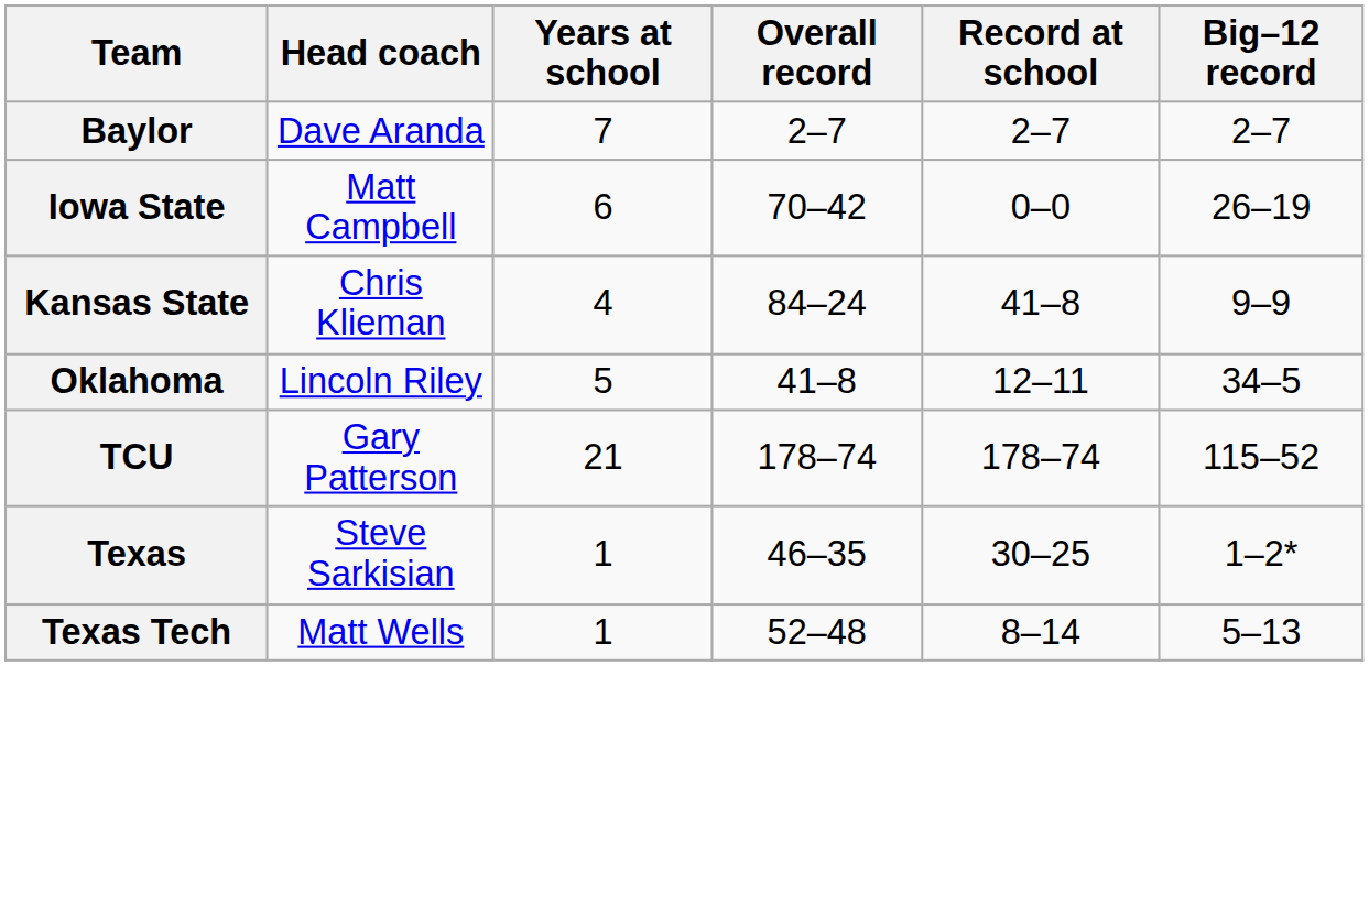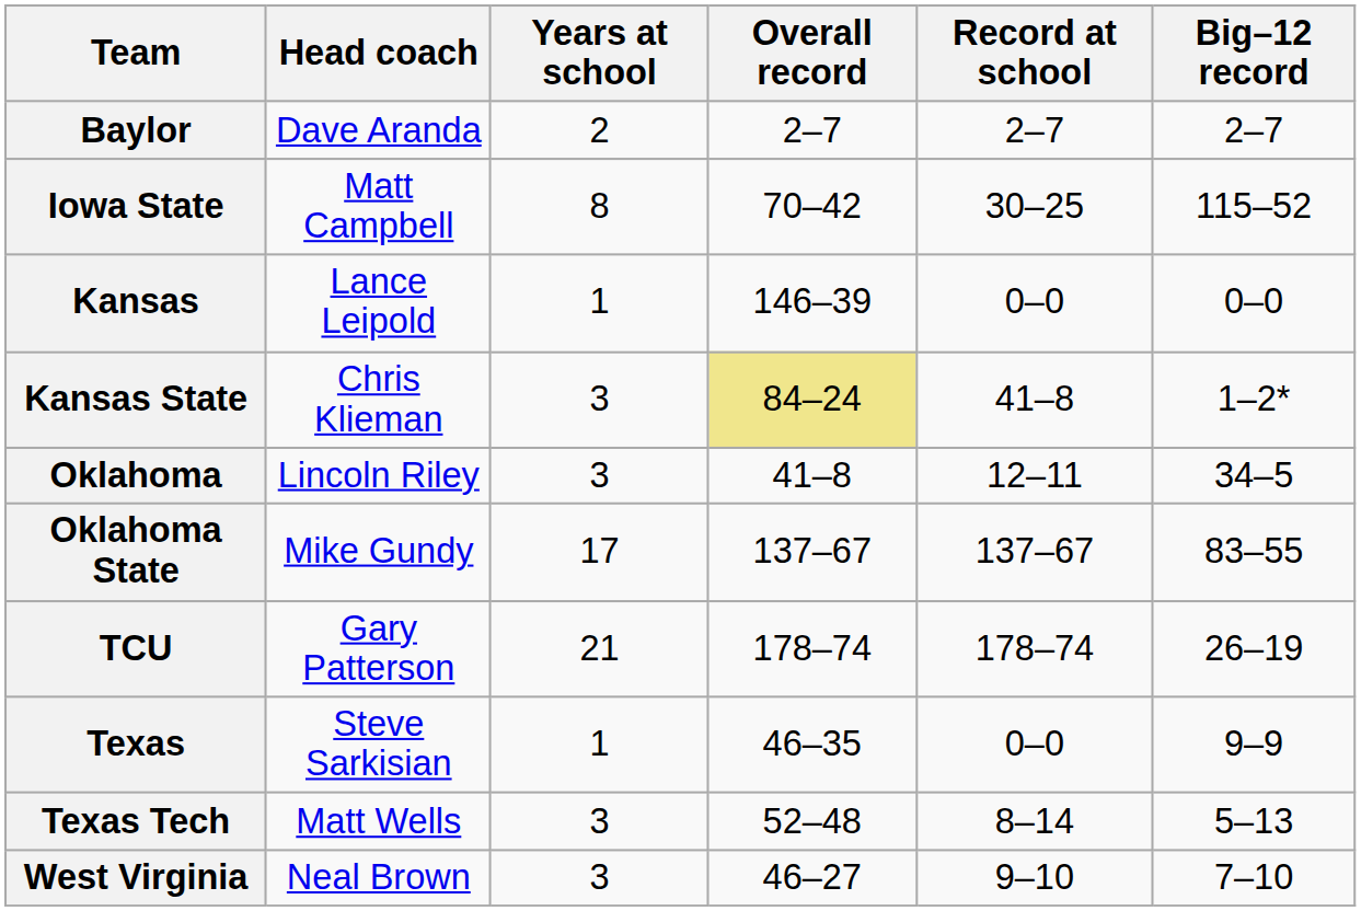 <table class="wikitable sortable" style="text-align: center;">
 <tr>
 <th style="width:110px;">Team</th>
 <th>Head coach</th>
 <th>Years at school</th>
 <th>Overall record</th>
 <th>Record at school</th>
 <th>Big–12 record</th>
 </tr>
 <tr>
 <th>Baylor</th>
 <td><a href='#'>Dave Aranda</a></td>
-<td>7</td>
+<td>2</td>
 <td>2–7</td>
 <td>2–7</td>
 <td>2–7</td>
 </tr>
 <tr>
 <th>Iowa State</th>
 <td><a href='#'>Matt Campbell</a></td>
-<td>6</td>
+<td>8</td>
 <td>70–42</td>
+<td>30–25</td>
+<td>115–52</td>
+</tr>
+<tr>
+<th>Kansas</th>
+<td><a href='#'>Lance Leipold</a></td>
+<td>1</td>
+<td>146–39</td>
 <td>0–0</td>
-<td>26–19</td>
+<td>0–0</td>
 </tr>
 <tr>
 <th>Kansas State</th>
 <td><a href='#'>Chris Klieman</a></td>
-<td>4</td>
-<td>84–24</td>
+<td>3</td>
+<td style="background: khaki;">84–24</td>
 <td>41–8</td>
-<td>9–9</td>
+<td>1–2*</td>
 </tr>
 <tr>
 <th>Oklahoma</th>
 <td><a href='#'>Lincoln Riley</a></td>
-<td>5</td>
+<td>3</td>
 <td>41–8</td>
 <td>12–11</td>
 <td>34–5</td>
+</tr>
+<tr>
+<th>Oklahoma State</th>
+<td><a href='#'>Mike Gundy</a></td>
+<td>17</td>
+<td>137–67</td>
+<td>137–67</td>
+<td>83–55</td>
 </tr>
 <tr>
 <th>TCU</th>
 <td><a href='#'>Gary Patterson</a></td>
 <td>21</td>
 <td>178–74</td>
 <td>178–74</td>
-<td>115–52</td>
+<td>26–19</td>
 </tr>
 <tr>
 <th>Texas</th>
 <td><a href='#'>Steve Sarkisian</a></td>
 <td>1</td>
 <td>46–35</td>
-<td>30–25</td>
-<td>1–2*</td>
+<td>0–0</td>
+<td>9–9</td>
 </tr>
 <tr>
 <th>Texas Tech</th>
 <td><a href='#'>Matt Wells</a></td>
-<td>1</td>
+<td>3</td>
 <td>52–48</td>
 <td>8–14</td>
 <td>5–13</td>
 </tr>
+<tr>
+<th>West Virginia</th>
+<td><a href='#'>Neal Brown</a></td>
+<td>3</td>
+<td>46–27</td>
+<td>9–10</td>
+<td>7–10</td>
+</tr>
 </table>
